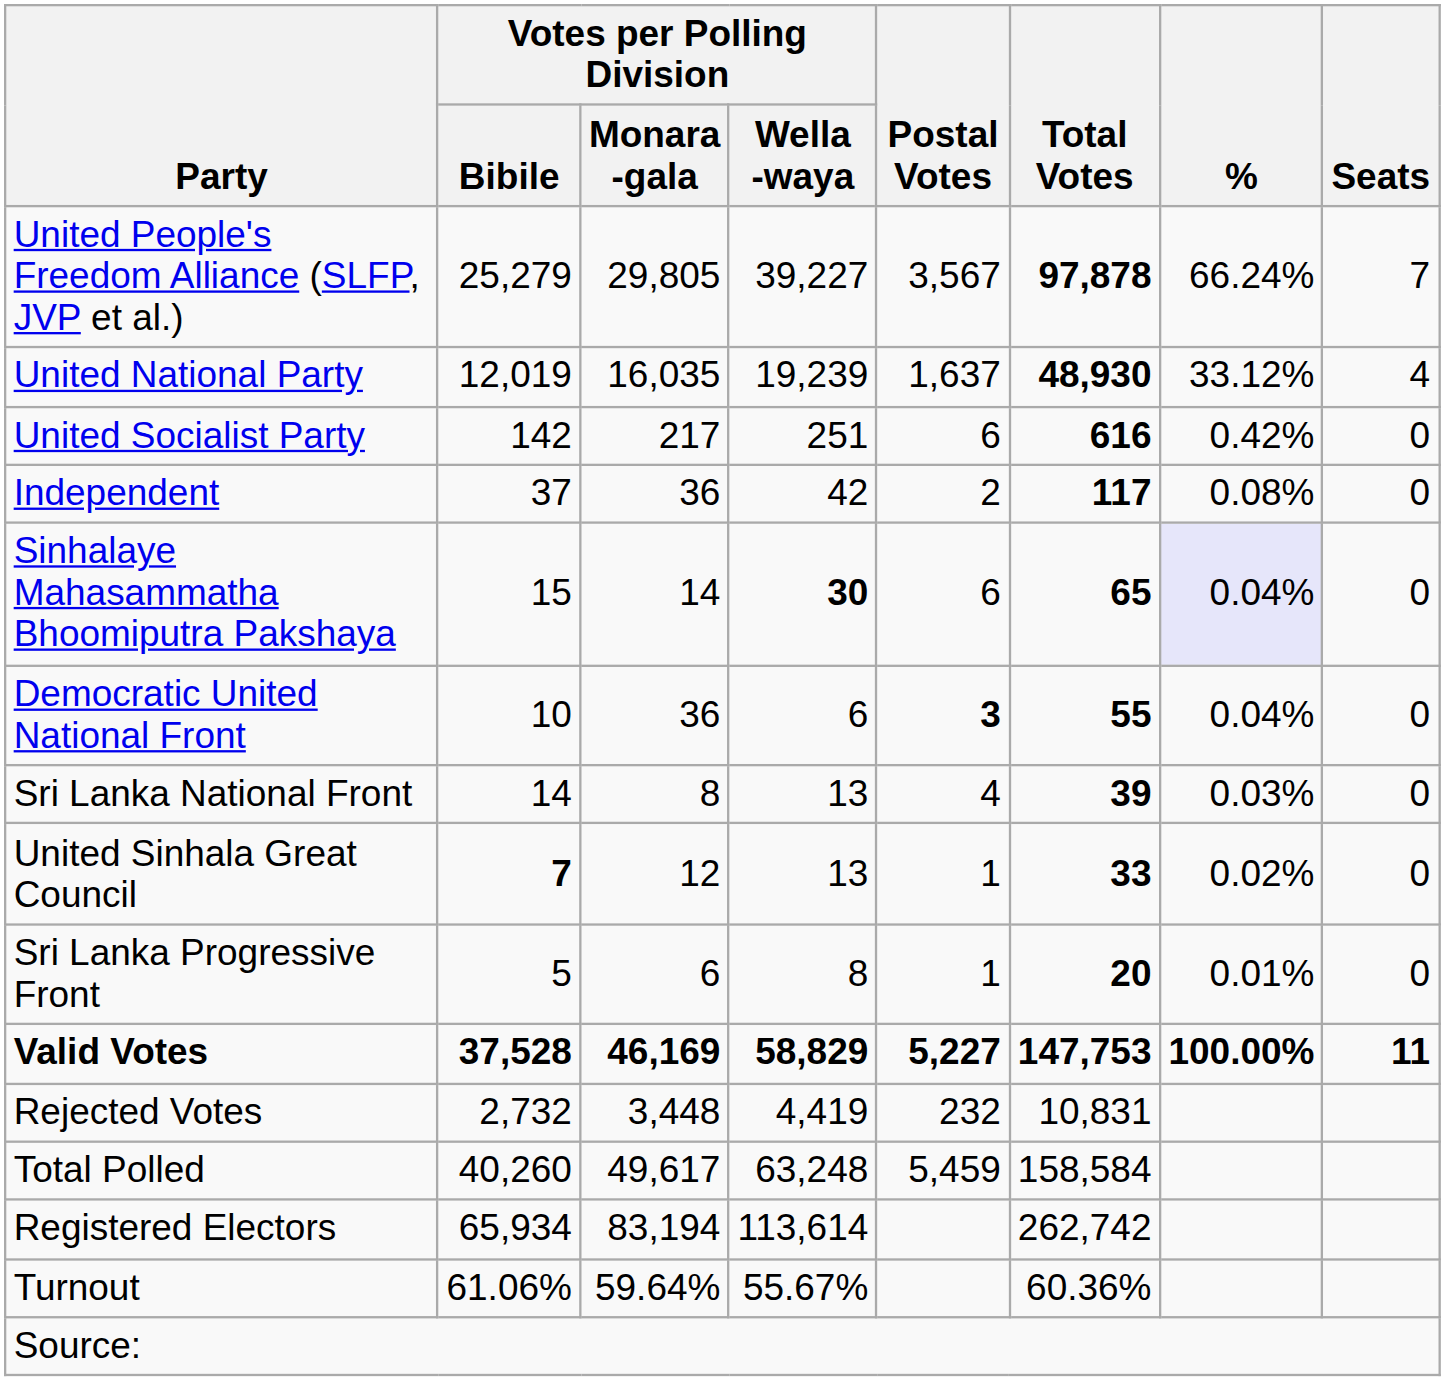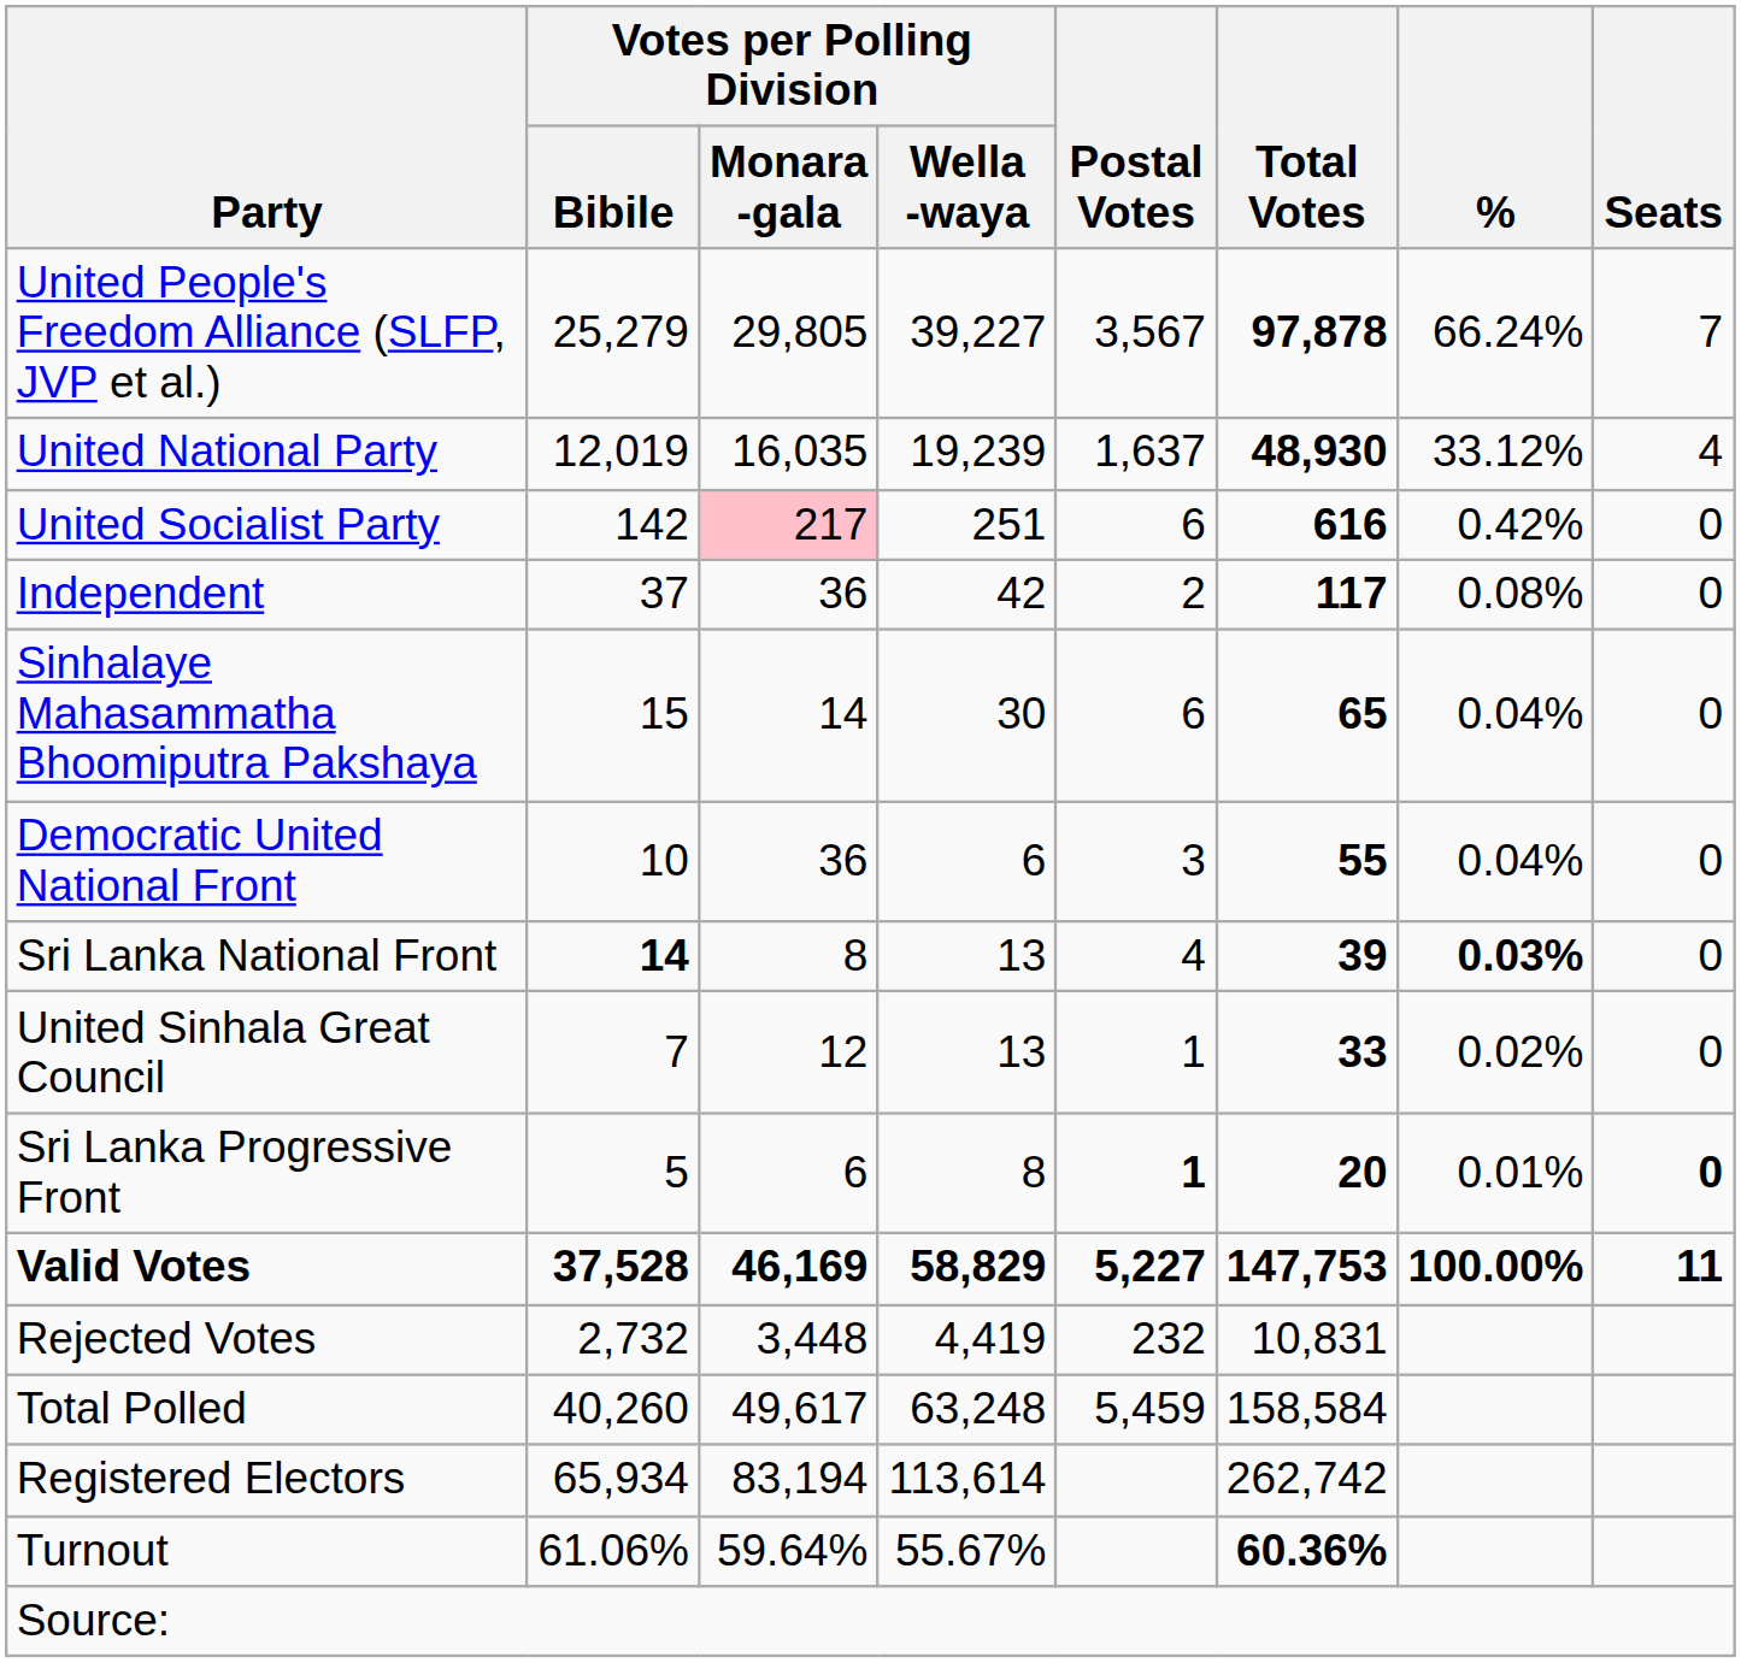 <table class="wikitable" border="1" style="text-align:right;">
 <tr>
 <th align=left valign=bottom rowspan=2 width="180">Party</th>
 <th colspan=3>Votes per Polling Division</th>
 <th align=center valign=bottom rowspan=2 width="50">Postal<br>Votes</th>
 <th align=center valign=bottom rowspan=2 width="50">Total Votes</th>
 <th align=center valign=bottom rowspan=2 width="50">%</th>
 <th align=center valign=bottom rowspan=2 width="40">Seats</th>
 </tr>
 <tr>
 <th align=center valign=bottom width="50">Bibile</th>
 <th align=center valign=bottom width="50">Monara<br>-gala</th>
 <th align=center valign=bottom width="50">Wella<br>-waya</th>
 </tr>
 <tr>
 <td align=left><a href='#'>United People's Freedom Alliance</a> (<a href='#'>SLFP</a>, <a href='#'>JVP</a> et al.)</td>
 <td>25,279</td>
 <td>29,805</td>
 <td>39,227</td>
 <td>3,567</td>
 <td><strong>97,878</strong></td>
 <td>66.24%</td>
 <td>7</td>
 </tr>
 <tr>
 <td align=left><a href='#'>United National Party</a></td>
 <td>12,019</td>
 <td>16,035</td>
 <td>19,239</td>
 <td>1,637</td>
 <td><strong>48,930</strong></td>
 <td>33.12%</td>
 <td>4</td>
 </tr>
 <tr>
 <td align=left><a href='#'>United Socialist Party</a></td>
 <td>142</td>
-<td>217</td>
+<td style="background: pink;">217</td>
 <td>251</td>
 <td>6</td>
 <td><strong>616</strong></td>
 <td>0.42%</td>
 <td>0</td>
 </tr>
 <tr>
 <td align=left><a href='#'>Independent</a></td>
 <td>37</td>
 <td>36</td>
 <td>42</td>
 <td>2</td>
 <td><strong>117</strong></td>
 <td>0.08%</td>
 <td>0</td>
 </tr>
 <tr>
 <td align=left><a href='#'>Sinhalaye Mahasammatha Bhoomiputra Pakshaya</a></td>
 <td>15</td>
 <td>14</td>
-<td><strong>30</strong></td>
+<td>30</td>
 <td>6</td>
 <td><strong>65</strong></td>
-<td style="background: lavender;">0.04%</td>
+<td>0.04%</td>
 <td>0</td>
 </tr>
 <tr>
 <td align=left><a href='#'>Democratic United National Front</a></td>
 <td>10</td>
 <td>36</td>
 <td>6</td>
-<td><strong>3</strong></td>
+<td>3</td>
 <td><strong>55</strong></td>
 <td>0.04%</td>
 <td>0</td>
 </tr>
 <tr>
 <td align=left>Sri Lanka National Front</td>
-<td>14</td>
+<td><strong>14</strong></td>
 <td>8</td>
 <td>13</td>
 <td>4</td>
 <td><strong>39</strong></td>
-<td>0.03%</td>
+<td><strong>0.03%</strong></td>
 <td>0</td>
 </tr>
 <tr>
 <td align=left>United Sinhala Great Council</td>
-<td><strong>7</strong></td>
+<td>7</td>
 <td>12</td>
 <td>13</td>
 <td>1</td>
 <td><strong>33</strong></td>
 <td>0.02%</td>
 <td>0</td>
 </tr>
 <tr>
 <td align=left>Sri Lanka Progressive Front</td>
 <td>5</td>
 <td>6</td>
 <td>8</td>
-<td>1</td>
+<td><strong>1</strong></td>
 <td><strong>20</strong></td>
 <td>0.01%</td>
-<td>0</td>
+<td><strong>0</strong></td>
 </tr>
 <tr>
 <td align=left><strong>Valid Votes</strong></td>
 <td><strong>37,528</strong></td>
 <td><strong>46,169</strong></td>
 <td><strong>58,829</strong></td>
 <td><strong>5,227</strong></td>
 <td><strong>147,753</strong></td>
 <td><strong>100.00%</strong></td>
 <td><strong>11</strong></td>
 </tr>
 <tr>
 <td align=left>Rejected Votes</td>
 <td>2,732</td>
 <td>3,448</td>
 <td>4,419</td>
 <td>232</td>
 <td>10,831</td>
 <td></td>
 <td></td>
 </tr>
 <tr>
 <td align=left>Total Polled</td>
 <td>40,260</td>
 <td>49,617</td>
 <td>63,248</td>
 <td>5,459</td>
 <td>158,584</td>
 <td></td>
 <td></td>
 </tr>
 <tr>
 <td align=left>Registered Electors</td>
 <td>65,934</td>
 <td>83,194</td>
 <td>113,614</td>
 <td></td>
 <td>262,742</td>
 <td></td>
 <td></td>
 </tr>
 <tr>
 <td align=left>Turnout</td>
 <td>61.06%</td>
 <td>59.64%</td>
 <td>55.67%</td>
 <td></td>
-<td>60.36%</td>
+<td><strong>60.36%</strong></td>
 <td></td>
 <td></td>
 </tr>
 <tr>
 <td align=left colspan=9>Source:</td>
 </tr>
 </table>
